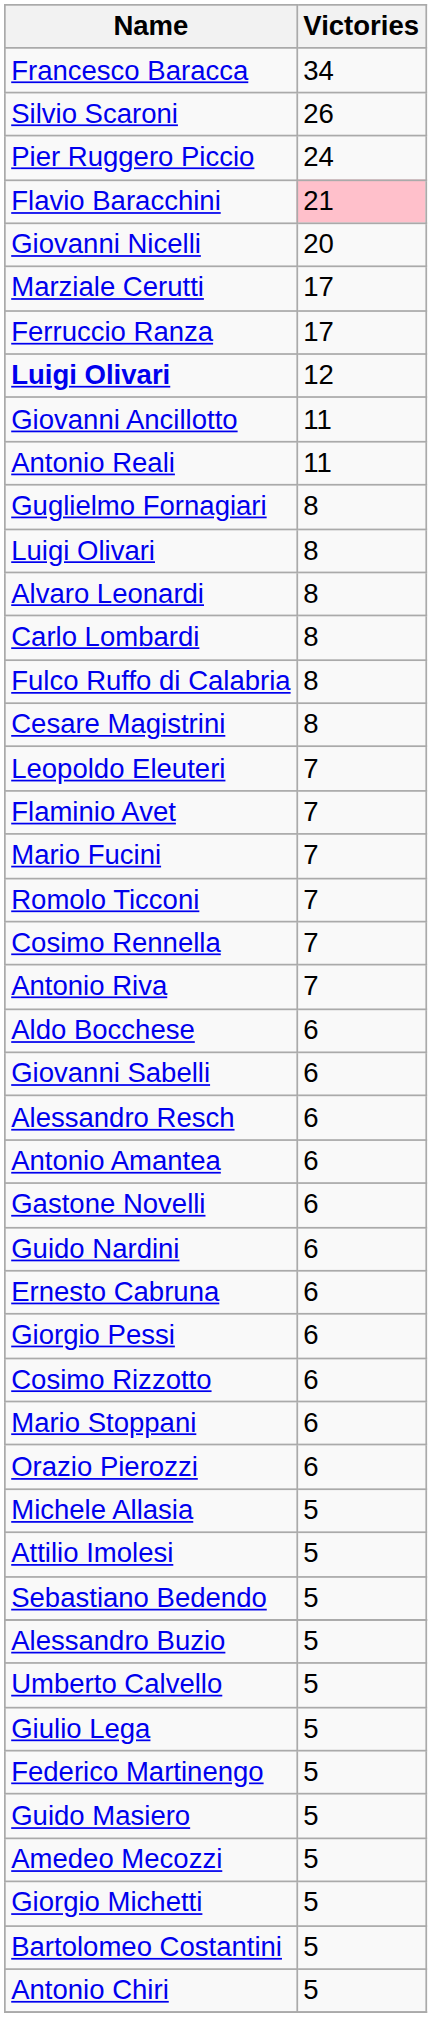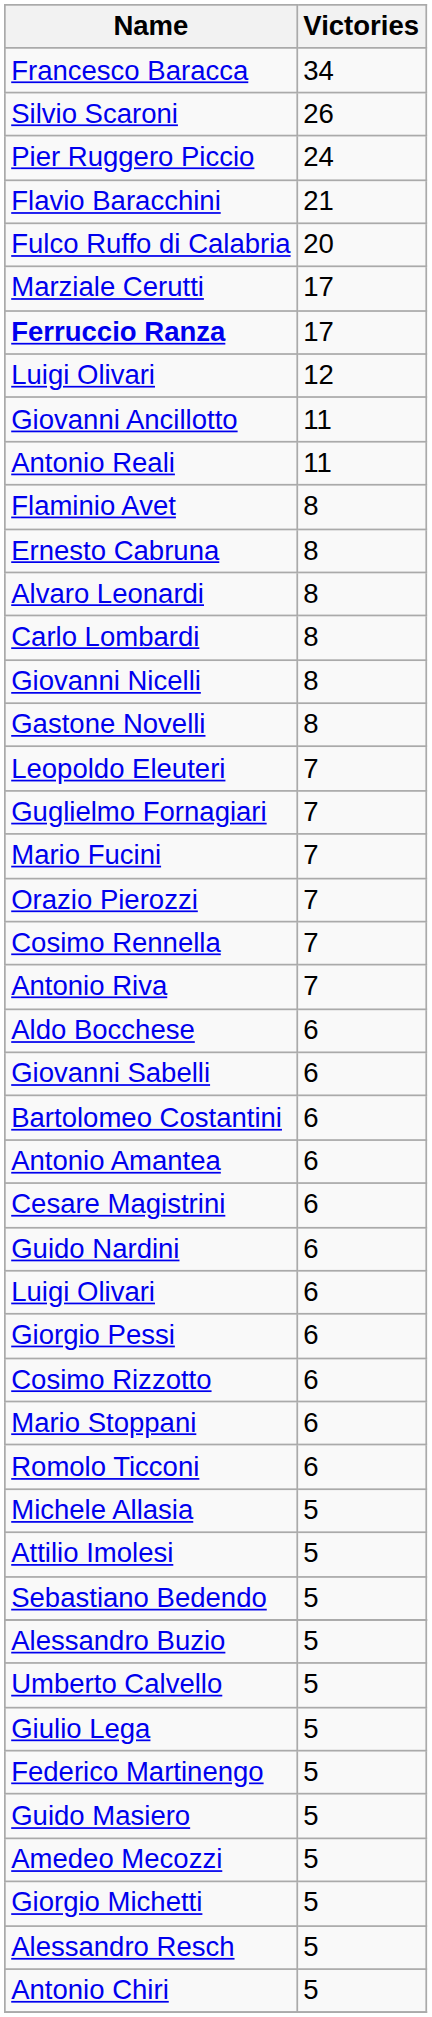 <table class="wikitable">
 <tr>
 <th>Name</th>
 <th>Victories</th>
 </tr>
 <tr>
 <td><a href='#'>Francesco Baracca</a></td>
 <td>34</td>
 </tr>
 <tr>
 <td><a href='#'>Silvio Scaroni</a></td>
 <td>26</td>
 </tr>
 <tr>
 <td><a href='#'>Pier Ruggero Piccio</a></td>
 <td>24</td>
 </tr>
 <tr>
 <td><a href='#'>Flavio Baracchini</a></td>
-<td style="background: pink;">21</td>
+<td>21</td>
 </tr>
 <tr>
-<td><a href='#'>Giovanni Nicelli</a></td>
+<td><a href='#'>Fulco Ruffo di Calabria</a></td>
 <td>20</td>
 </tr>
 <tr>
 <td><a href='#'>Marziale Cerutti</a></td>
 <td>17</td>
 </tr>
 <tr>
-<td><a href='#'>Ferruccio Ranza</a></td>
+<td><strong><a href='#'>Ferruccio Ranza</a></strong></td>
 <td>17</td>
 </tr>
 <tr>
-<td><strong><a href='#'>Luigi Olivari</a></strong></td>
+<td><a href='#'>Luigi Olivari</a></td>
 <td>12</td>
 </tr>
 <tr>
 <td><a href='#'>Giovanni Ancillotto</a></td>
 <td>11</td>
 </tr>
 <tr>
 <td><a href='#'>Antonio Reali</a></td>
 <td>11</td>
 </tr>
 <tr>
-<td><a href='#'>Guglielmo Fornagiari</a></td>
+<td><a href='#'>Flaminio Avet</a></td>
 <td>8</td>
 </tr>
 <tr>
-<td><a href='#'>Luigi Olivari</a></td>
+<td><a href='#'>Ernesto Cabruna</a></td>
 <td>8</td>
 </tr>
 <tr>
 <td><a href='#'>Alvaro Leonardi</a></td>
 <td>8</td>
 </tr>
 <tr>
 <td><a href='#'>Carlo Lombardi</a></td>
 <td>8</td>
 </tr>
 <tr>
-<td><a href='#'>Fulco Ruffo di Calabria</a></td>
+<td><a href='#'>Giovanni Nicelli</a></td>
 <td>8</td>
 </tr>
 <tr>
-<td><a href='#'>Cesare Magistrini</a></td>
+<td><a href='#'>Gastone Novelli</a></td>
 <td>8</td>
 </tr>
 <tr>
 <td><a href='#'>Leopoldo Eleuteri</a></td>
 <td>7</td>
 </tr>
 <tr>
-<td><a href='#'>Flaminio Avet</a></td>
+<td><a href='#'>Guglielmo Fornagiari</a></td>
 <td>7</td>
 </tr>
 <tr>
 <td><a href='#'>Mario Fucini</a></td>
 <td>7</td>
 </tr>
 <tr>
-<td><a href='#'>Romolo Ticconi</a></td>
+<td><a href='#'>Orazio Pierozzi</a></td>
 <td>7</td>
 </tr>
 <tr>
 <td><a href='#'>Cosimo Rennella</a></td>
 <td>7</td>
 </tr>
 <tr>
 <td><a href='#'>Antonio Riva</a></td>
 <td>7</td>
 </tr>
 <tr>
 <td><a href='#'>Aldo Bocchese</a></td>
 <td>6</td>
 </tr>
 <tr>
 <td><a href='#'>Giovanni Sabelli</a></td>
 <td>6</td>
 </tr>
 <tr>
-<td><a href='#'>Alessandro Resch</a></td>
+<td><a href='#'>Bartolomeo Costantini</a></td>
 <td>6</td>
 </tr>
 <tr>
 <td><a href='#'>Antonio Amantea</a></td>
 <td>6</td>
 </tr>
 <tr>
-<td><a href='#'>Gastone Novelli</a></td>
+<td><a href='#'>Cesare Magistrini</a></td>
 <td>6</td>
 </tr>
 <tr>
 <td><a href='#'>Guido Nardini</a></td>
 <td>6</td>
 </tr>
 <tr>
-<td><a href='#'>Ernesto Cabruna</a></td>
+<td><a href='#'>Luigi Olivari</a></td>
 <td>6</td>
 </tr>
 <tr>
 <td><a href='#'>Giorgio Pessi</a></td>
 <td>6</td>
 </tr>
 <tr>
 <td><a href='#'>Cosimo Rizzotto</a></td>
 <td>6</td>
 </tr>
 <tr>
 <td><a href='#'>Mario Stoppani</a></td>
 <td>6</td>
 </tr>
 <tr>
-<td><a href='#'>Orazio Pierozzi</a></td>
+<td><a href='#'>Romolo Ticconi</a></td>
 <td>6</td>
 </tr>
 <tr>
 <td><a href='#'>Michele Allasia</a></td>
 <td>5</td>
 </tr>
 <tr>
 <td><a href='#'>Attilio Imolesi</a></td>
 <td>5</td>
 </tr>
 <tr>
 <td><a href='#'>Sebastiano Bedendo</a></td>
 <td>5</td>
 </tr>
 <tr>
 </tr>
 <tr>
 <td><a href='#'>Alessandro Buzio</a></td>
 <td>5</td>
 </tr>
 <tr>
 <td><a href='#'>Umberto Calvello</a></td>
 <td>5</td>
 </tr>
 <tr>
 <td><a href='#'>Giulio Lega</a></td>
 <td>5</td>
 </tr>
 <tr>
 <td><a href='#'>Federico Martinengo</a></td>
 <td>5</td>
 </tr>
 <tr>
 <td><a href='#'>Guido Masiero</a></td>
 <td>5</td>
 </tr>
 <tr>
 <td><a href='#'>Amedeo Mecozzi</a></td>
 <td>5</td>
 </tr>
 <tr>
 <td><a href='#'>Giorgio Michetti</a></td>
 <td>5</td>
 </tr>
 <tr>
-<td><a href='#'>Bartolomeo Costantini</a></td>
+<td><a href='#'>Alessandro Resch</a></td>
 <td>5</td>
 </tr>
 <tr>
 <td><a href='#'>Antonio Chiri</a></td>
 <td>5</td>
 </tr>
 <tr>
 </tr>
 </table>
